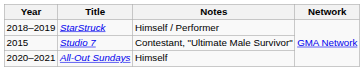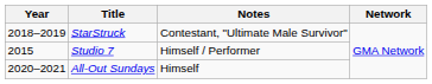 <table class="wikitable plainrowheaders sortable">
 <tr>
 <th scope="col">Year</th>
 <th scope="col">Title</th>
 <th scope="col">Notes</th>
 <th scope="col">Network</th>
 </tr>
 <tr>
 <td>2018–2019</td>
 <td><em><a href='#'>StarStruck</a></em></td>
-<td>Himself / Performer</td>
+<td>Contestant, "Ultimate Male Survivor"</td>
 <td rowspan="3"><a href='#'>GMA Network</a></td>
 </tr>
 <tr>
 <td>2015</td>
 <td><em><a href='#'>Studio 7</a></em></td>
-<td>Contestant, "Ultimate Male Survivor"</td>
+<td>Himself / Performer</td>
 </tr>
 <tr>
 <td>2020–2021</td>
 <td><em><a href='#'>All-Out Sundays</a></em></td>
 <td>Himself</td>
 </tr>
 </table>
